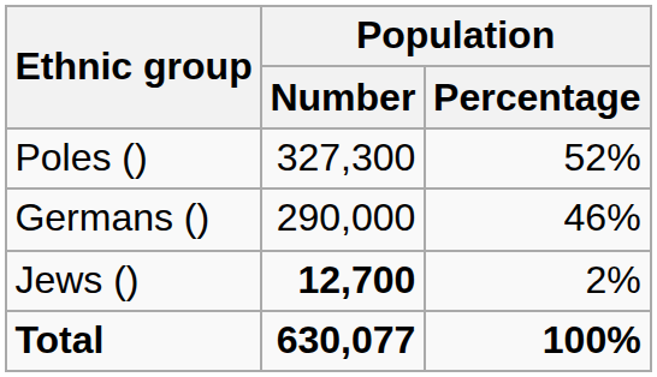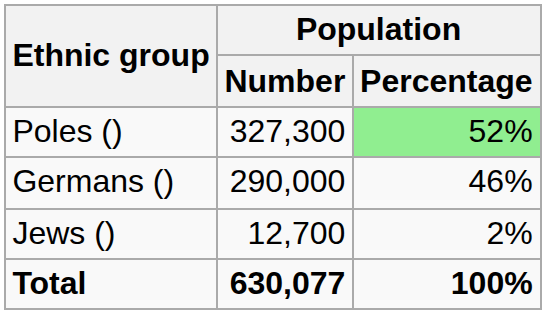 <table class="wikitable">
 <tr>
 <th rowspan="2">Ethnic group</th>
 <th colspan="2">Population</th>
 </tr>
 <tr>
 <th>Number</th>
 <th>Percentage</th>
 </tr>
 <tr>
 <td>Poles ()</td>
 <td align="right">327,300</td>
-<td align="right">52%</td>
+<td align="right" style="background: lightgreen;">52%</td>
 </tr>
 <tr>
 <td>Germans ()</td>
 <td align="right">290,000</td>
 <td align="right">46%</td>
 </tr>
 <tr>
 <td>Jews ()</td>
-<td align="right"><strong>12,700</strong></td>
+<td align="right">12,700</td>
 <td align="right">2%</td>
 </tr>
 <tr>
 <td><strong>Total</strong></td>
 <td align="right"><strong>630,077</strong></td>
 <td align="right"><strong>100%</strong></td>
 </tr>
 </table>
